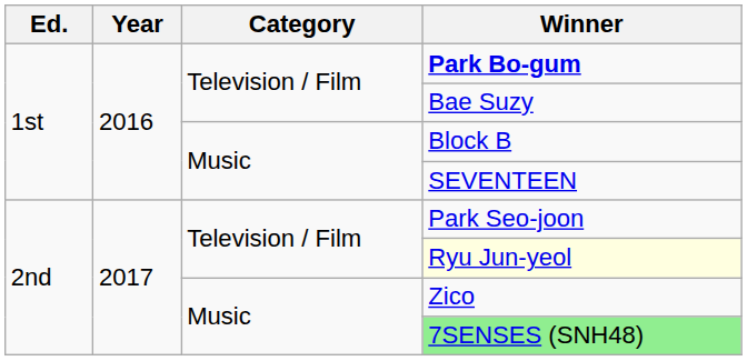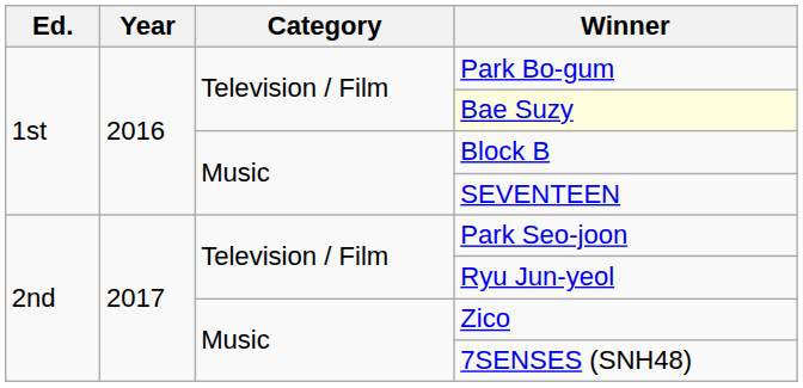 <table class="wikitable">
 <tr align=center>
 <th style="width:50px">Ed.</th>
 <th style="width:50px">Year</th>
 <th style="width:150px">Category</th>
 <th style="width:200px">Winner</th>
 </tr>
 <tr>
 <td rowspan="4">1st</td>
 <td rowspan="4">2016</td>
 <td rowspan="2">Television / Film</td>
-<td><strong><a href='#'>Park Bo-gum</a></strong></td>
+<td><a href='#'>Park Bo-gum</a></td>
 </tr>
 <tr>
-<td><a href='#'>Bae Suzy</a></td>
+<td style="background: lightyellow;"><a href='#'>Bae Suzy</a></td>
 </tr>
 <tr>
 <td rowspan="2">Music</td>
 <td><a href='#'>Block B</a></td>
 </tr>
 <tr>
 <td><a href='#'>SEVENTEEN</a></td>
 </tr>
 <tr>
 <td rowspan="4">2nd</td>
 <td rowspan="4">2017</td>
 <td rowspan="2">Television / Film</td>
 <td><a href='#'>Park Seo-joon</a></td>
 </tr>
 <tr>
-<td style="background: lightyellow;"><a href='#'>Ryu Jun-yeol</a></td>
+<td><a href='#'>Ryu Jun-yeol</a></td>
 </tr>
 <tr>
 <td rowspan="2">Music</td>
 <td><a href='#'>Zico</a></td>
 </tr>
 <tr>
-<td style="background: lightgreen;"><a href='#'>7SENSES</a> (SNH48)</td>
+<td><a href='#'>7SENSES</a> (SNH48)</td>
 </tr>
 </table>
